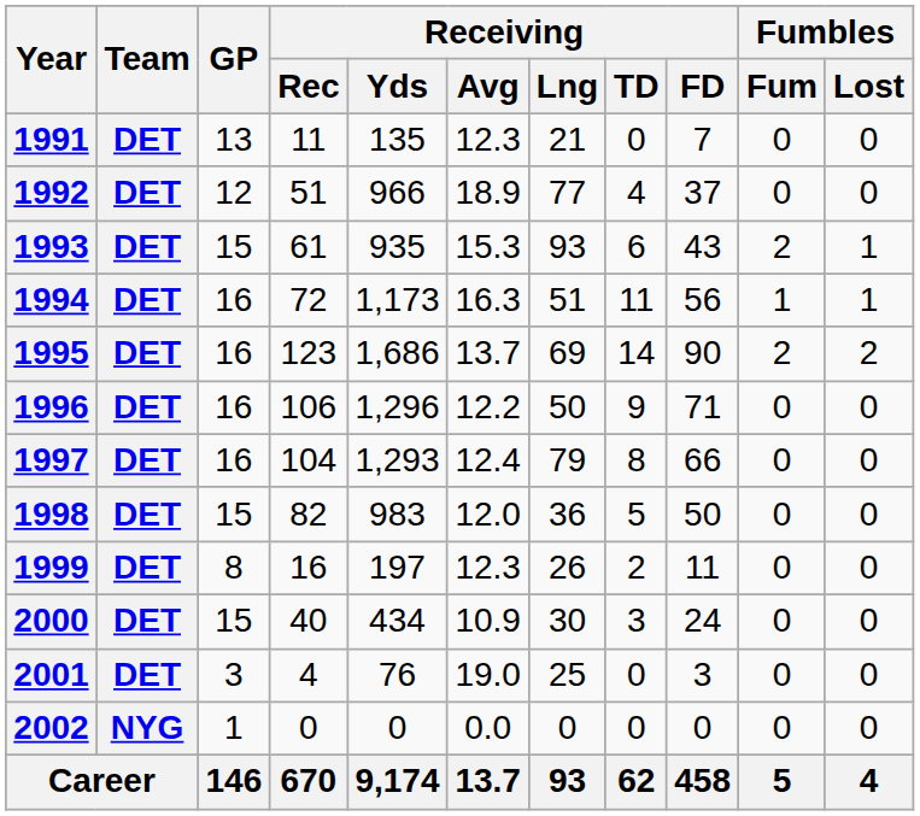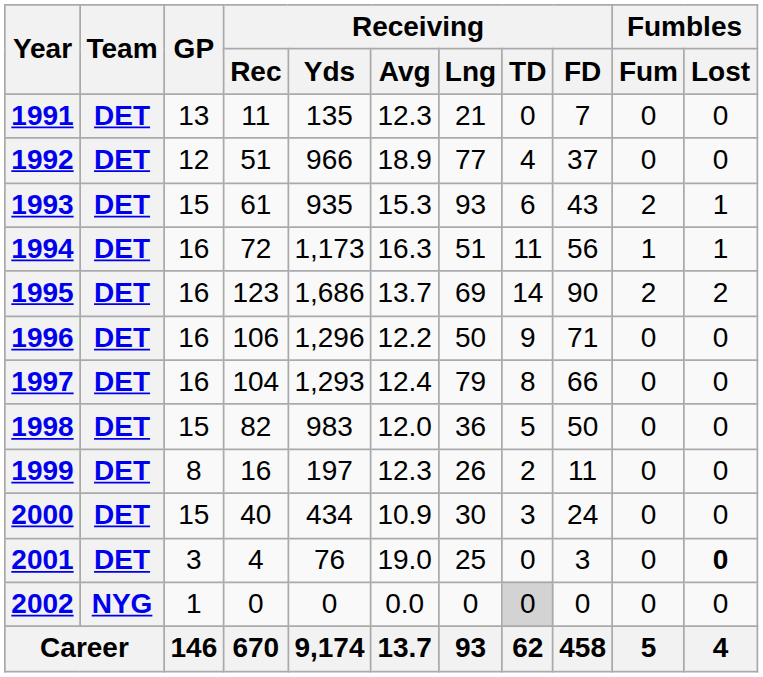 <table class="wikitable" style="text-align: center;">
 <tr>
 <th rowspan="2">Year</th>
 <th rowspan="2">Team</th>
 <th rowspan="2">GP</th>
 <th colspan="6">Receiving</th>
 <th colspan="2">Fumbles</th>
 </tr>
 <tr>
 <th>Rec</th>
 <th>Yds</th>
 <th>Avg</th>
 <th>Lng</th>
 <th>TD</th>
 <th>FD</th>
 <th>Fum</th>
 <th>Lost</th>
 </tr>
 <tr>
 <th><a href='#'>1991</a></th>
 <th><a href='#'>DET</a></th>
 <td>13</td>
 <td>11</td>
 <td>135</td>
 <td>12.3</td>
 <td>21</td>
 <td>0</td>
 <td>7</td>
 <td>0</td>
 <td>0</td>
 </tr>
 <tr>
 <th><a href='#'>1992</a></th>
 <th><a href='#'>DET</a></th>
 <td>12</td>
 <td>51</td>
 <td>966</td>
 <td>18.9</td>
 <td>77</td>
 <td>4</td>
 <td>37</td>
 <td>0</td>
 <td>0</td>
 </tr>
 <tr>
 <th><a href='#'>1993</a></th>
 <th><a href='#'>DET</a></th>
 <td>15</td>
 <td>61</td>
 <td>935</td>
 <td>15.3</td>
 <td>93</td>
 <td>6</td>
 <td>43</td>
 <td>2</td>
 <td>1</td>
 </tr>
 <tr>
 <th><a href='#'>1994</a></th>
 <th><a href='#'>DET</a></th>
 <td>16</td>
 <td>72</td>
 <td>1,173</td>
 <td>16.3</td>
 <td>51</td>
 <td>11</td>
 <td>56</td>
 <td>1</td>
 <td>1</td>
 </tr>
 <tr>
 <th><a href='#'>1995</a></th>
 <th><a href='#'>DET</a></th>
 <td>16</td>
 <td>123</td>
 <td>1,686</td>
 <td>13.7</td>
 <td>69</td>
 <td>14</td>
 <td>90</td>
 <td>2</td>
 <td>2</td>
 </tr>
 <tr>
 <th><a href='#'>1996</a></th>
 <th><a href='#'>DET</a></th>
 <td>16</td>
 <td>106</td>
 <td>1,296</td>
 <td>12.2</td>
 <td>50</td>
 <td>9</td>
 <td>71</td>
 <td>0</td>
 <td>0</td>
 </tr>
 <tr>
 <th><a href='#'>1997</a></th>
 <th><a href='#'>DET</a></th>
 <td>16</td>
 <td>104</td>
 <td>1,293</td>
 <td>12.4</td>
 <td>79</td>
 <td>8</td>
 <td>66</td>
 <td>0</td>
 <td>0</td>
 </tr>
 <tr>
 <th><a href='#'>1998</a></th>
 <th><a href='#'>DET</a></th>
 <td>15</td>
 <td>82</td>
 <td>983</td>
 <td>12.0</td>
 <td>36</td>
 <td>5</td>
 <td>50</td>
 <td>0</td>
 <td>0</td>
 </tr>
 <tr>
 <th><a href='#'>1999</a></th>
 <th><a href='#'>DET</a></th>
 <td>8</td>
 <td>16</td>
 <td>197</td>
 <td>12.3</td>
 <td>26</td>
 <td>2</td>
 <td>11</td>
 <td>0</td>
 <td>0</td>
 </tr>
 <tr>
 <th><a href='#'>2000</a></th>
 <th><a href='#'>DET</a></th>
 <td>15</td>
 <td>40</td>
 <td>434</td>
 <td>10.9</td>
 <td>30</td>
 <td>3</td>
 <td>24</td>
 <td>0</td>
 <td>0</td>
 </tr>
 <tr>
 <th><a href='#'>2001</a></th>
 <th><a href='#'>DET</a></th>
 <td>3</td>
 <td>4</td>
 <td>76</td>
 <td>19.0</td>
 <td>25</td>
 <td>0</td>
 <td>3</td>
 <td>0</td>
-<td>0</td>
+<td><strong>0</strong></td>
 </tr>
 <tr>
 <th><a href='#'>2002</a></th>
 <th><a href='#'>NYG</a></th>
 <td>1</td>
 <td>0</td>
 <td>0</td>
 <td>0.0</td>
 <td>0</td>
-<td>0</td>
+<td style="background: lightgrey;">0</td>
 <td>0</td>
 <td>0</td>
 <td>0</td>
 </tr>
 <tr>
 <th colspan="2">Career</th>
 <th>146</th>
 <th>670</th>
 <th>9,174</th>
 <th>13.7</th>
 <th>93</th>
 <th>62</th>
 <th>458</th>
 <th>5</th>
 <th>4</th>
 </tr>
 </table>
